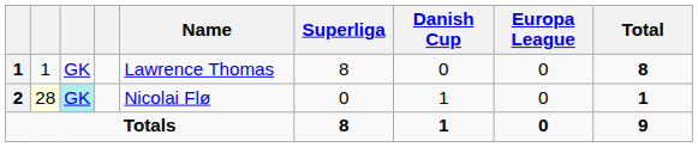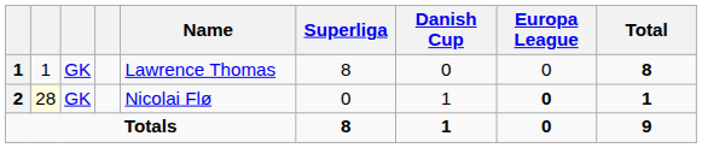 <table class="wikitable" style="text-align:center">
 <tr>
 <th width=15></th>
 <th width=15></th>
 <th width=15></th>
 <th width=15></th>
 <th width=145>Name</th>
 <th width=80><a href='#'>Superliga</a></th>
 <th width=80><a href='#'>Danish Cup</a></th>
 <th width=80><a href='#'>Europa League</a></th>
 <th width=80>Total</th>
 </tr>
 <tr>
 <th rowspan=1>1</th>
 <td>1</td>
 <td><a href='#'>GK</a></td>
 <td></td>
 <td align=left><a href='#'>Lawrence Thomas</a></td>
 <td>8</td>
 <td>0</td>
 <td>0</td>
 <td><strong>8</strong></td>
 </tr>
 <tr>
 <th rowspan=1>2</th>
 <td style="background: lightyellow;">28</td>
-<td style="background: paleturquoise;"><a href='#'>GK</a></td>
+<td><a href='#'>GK</a></td>
 <td></td>
 <td align=left><a href='#'>Nicolai Flø</a></td>
 <td>0</td>
 <td>1</td>
-<td>0</td>
+<td><strong>0</strong></td>
 <td><strong>1</strong></td>
 </tr>
 <tr>
 <td colspan=5><strong>Totals</strong></td>
 <td><strong>8</strong></td>
 <td><strong>1</strong></td>
 <td><strong>0</strong></td>
 <td><strong>9</strong></td>
 </tr>
 </table>
